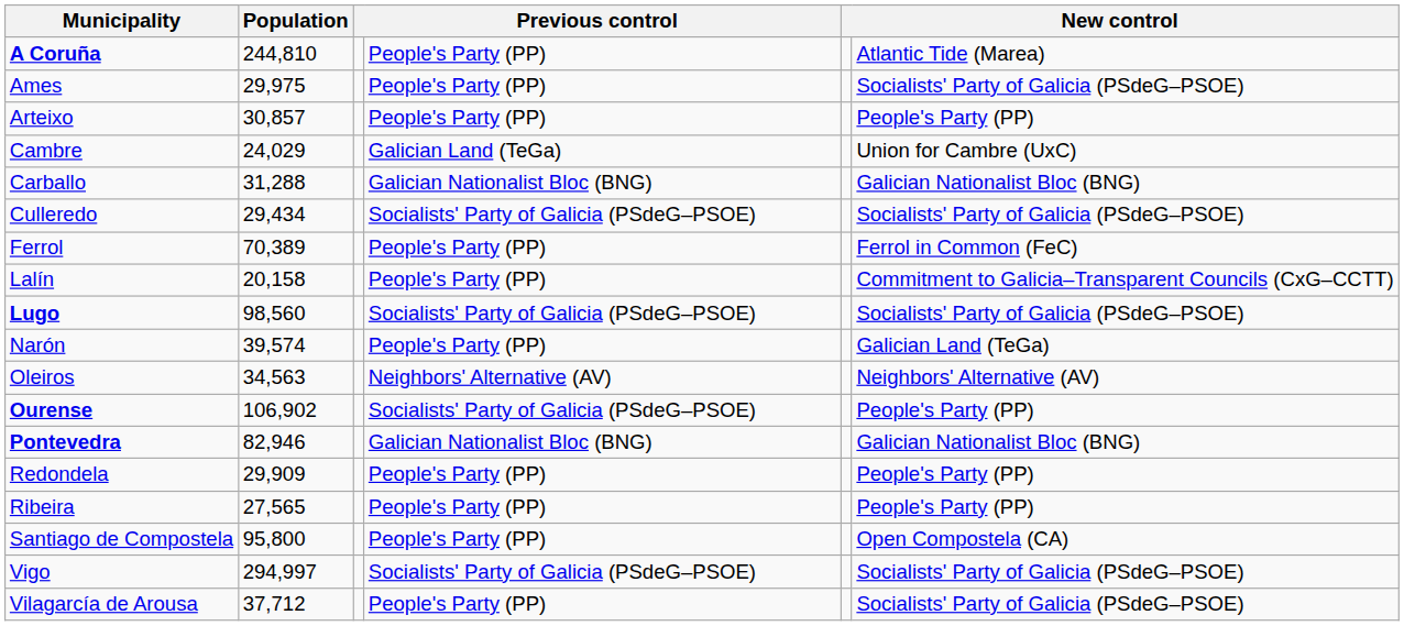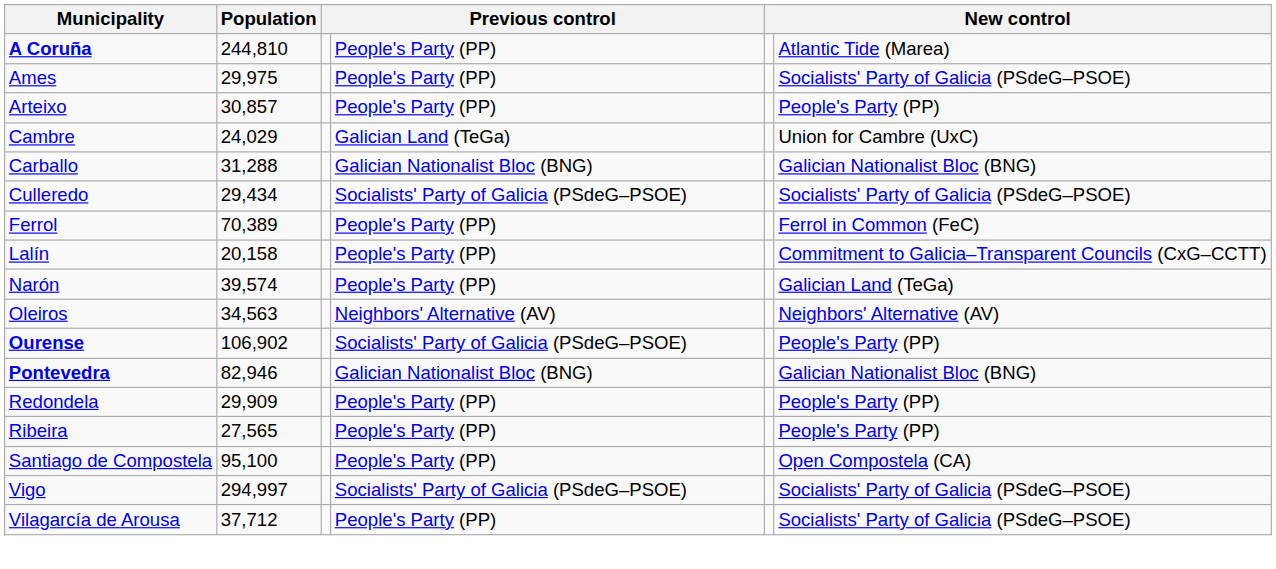 <table class="wikitable sortable">
 <tr>
 <th>Municipality</th>
 <th>Population</th>
 <th colspan="2" style="width:375px;">Previous control</th>
 <th colspan="2" style="width:375px;">New control</th>
 </tr>
 <tr>
 <td><strong><a href='#'>A Coruña</a></strong></td>
 <td>244,810</td>
 <td width="1" style="color:inherit;background:"></td>
 <td><a href='#'>People's Party</a> (PP)</td>
 <td width="1" style="color:inherit;background:"></td>
 <td><a href='#'>Atlantic Tide</a> (Marea)</td>
 </tr>
 <tr>
 <td><a href='#'>Ames</a></td>
 <td>29,975</td>
 <td style="color:inherit;background:"></td>
 <td><a href='#'>People's Party</a> (PP)</td>
 <td style="color:inherit;background:"></td>
 <td><a href='#'>Socialists' Party of Galicia</a> (PSdeG–PSOE)</td>
 </tr>
 <tr>
 <td><a href='#'>Arteixo</a></td>
 <td>30,857</td>
 <td style="color:inherit;background:"></td>
 <td><a href='#'>People's Party</a> (PP)</td>
 <td style="color:inherit;background:"></td>
 <td><a href='#'>People's Party</a> (PP)</td>
 </tr>
 <tr>
 <td><a href='#'>Cambre</a></td>
 <td>24,029</td>
 <td style="color:inherit;background:"></td>
 <td><a href='#'>Galician Land</a> (TeGa)</td>
 <td style="color:inherit;background:"></td>
 <td>Union for Cambre (UxC)</td>
 </tr>
 <tr>
 <td><a href='#'>Carballo</a></td>
 <td>31,288</td>
 <td style="color:inherit;background:"></td>
 <td><a href='#'>Galician Nationalist Bloc</a> (BNG)</td>
 <td style="color:inherit;background:"></td>
 <td><a href='#'>Galician Nationalist Bloc</a> (BNG)</td>
 </tr>
 <tr>
 <td><a href='#'>Culleredo</a></td>
 <td>29,434</td>
 <td style="color:inherit;background:"></td>
 <td><a href='#'>Socialists' Party of Galicia</a> (PSdeG–PSOE)</td>
 <td style="color:inherit;background:"></td>
 <td><a href='#'>Socialists' Party of Galicia</a> (PSdeG–PSOE)</td>
 </tr>
 <tr>
 <td><a href='#'>Ferrol</a></td>
 <td>70,389</td>
 <td style="color:inherit;background:"></td>
 <td><a href='#'>People's Party</a> (PP)</td>
 <td style="color:inherit;background:"></td>
 <td><a href='#'>Ferrol in Common</a> (FeC)</td>
 </tr>
 <tr>
 <td><a href='#'>Lalín</a></td>
 <td>20,158</td>
 <td style="color:inherit;background:"></td>
 <td><a href='#'>People's Party</a> (PP)</td>
 <td style="color:inherit;background:"></td>
 <td><a href='#'>Commitment to Galicia–Transparent Councils</a> (CxG–CCTT)</td>
 </tr>
 <tr>
-<td><strong><a href='#'>Lugo</a></strong></td>
-<td>98,560</td>
-<td style="color:inherit;background:"></td>
-<td><a href='#'>Socialists' Party of Galicia</a> (PSdeG–PSOE)</td>
-<td style="color:inherit;background:"></td>
-<td><a href='#'>Socialists' Party of Galicia</a> (PSdeG–PSOE)</td>
-</tr>
-<tr>
 <td><a href='#'>Narón</a></td>
 <td>39,574</td>
 <td style="color:inherit;background:"></td>
 <td><a href='#'>People's Party</a> (PP)</td>
 <td style="color:inherit;background:"></td>
 <td><a href='#'>Galician Land</a> (TeGa)</td>
 </tr>
 <tr>
 <td><a href='#'>Oleiros</a></td>
 <td>34,563</td>
 <td style="color:inherit;background:"></td>
 <td><a href='#'>Neighbors' Alternative</a> (AV)</td>
 <td style="color:inherit;background:"></td>
 <td><a href='#'>Neighbors' Alternative</a> (AV)</td>
 </tr>
 <tr>
 <td><strong><a href='#'>Ourense</a></strong></td>
 <td>106,902</td>
 <td style="color:inherit;background:"></td>
 <td><a href='#'>Socialists' Party of Galicia</a> (PSdeG–PSOE)</td>
 <td style="color:inherit;background:"></td>
 <td><a href='#'>People's Party</a> (PP)</td>
 </tr>
 <tr>
 <td><strong><a href='#'>Pontevedra</a></strong></td>
 <td>82,946</td>
 <td style="color:inherit;background:"></td>
 <td><a href='#'>Galician Nationalist Bloc</a> (BNG)</td>
 <td style="color:inherit;background:"></td>
 <td><a href='#'>Galician Nationalist Bloc</a> (BNG)</td>
 </tr>
 <tr>
 <td><a href='#'>Redondela</a></td>
 <td>29,909</td>
 <td style="color:inherit;background:"></td>
 <td><a href='#'>People's Party</a> (PP)</td>
 <td style="color:inherit;background:"></td>
 <td><a href='#'>People's Party</a> (PP)</td>
 </tr>
 <tr>
 <td><a href='#'>Ribeira</a></td>
 <td>27,565</td>
 <td style="color:inherit;background:"></td>
 <td><a href='#'>People's Party</a> (PP)</td>
 <td style="color:inherit;background:"></td>
 <td><a href='#'>People's Party</a> (PP)</td>
 </tr>
 <tr>
 <td><a href='#'>Santiago de Compostela</a></td>
-<td>95,800</td>
+<td>95,100</td>
 <td style="color:inherit;background:"></td>
 <td><a href='#'>People's Party</a> (PP)</td>
 <td style="color:inherit;background:"></td>
 <td><a href='#'>Open Compostela</a> (CA)</td>
 </tr>
 <tr>
 <td><a href='#'>Vigo</a></td>
 <td>294,997</td>
 <td style="color:inherit;background:"></td>
 <td><a href='#'>Socialists' Party of Galicia</a> (PSdeG–PSOE)</td>
 <td style="color:inherit;background:"></td>
 <td><a href='#'>Socialists' Party of Galicia</a> (PSdeG–PSOE)</td>
 </tr>
 <tr>
 <td><a href='#'>Vilagarcía de Arousa</a></td>
 <td>37,712</td>
 <td style="color:inherit;background:"></td>
 <td><a href='#'>People's Party</a> (PP)</td>
 <td style="color:inherit;background:"></td>
 <td><a href='#'>Socialists' Party of Galicia</a> (PSdeG–PSOE)</td>
 </tr>
 </table>
